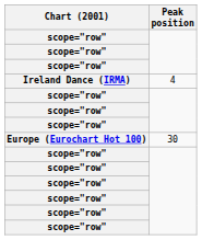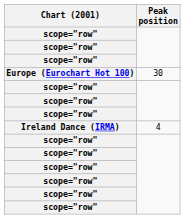 <table class="wikitable sortable plainrowheaders" style="text-align:center">
 <tr>
 <th>Chart (2001)</th>
 <th>Peak<br>position</th>
+</tr>
+<tr>
+<th>scope="row"</th>
+</tr>
+<tr>
+<th>scope="row"</th>
+</tr>
+<tr>
+<th>scope="row"</th>
+</tr>
+<tr>
+<th scope="row">Europe (<a href='#'>Eurochart Hot 100</a>)</th>
+<td>30</td>
 </tr>
 <tr>
 <th>scope="row"</th>
 </tr>
 <tr>
 <th>scope="row"</th>
 </tr>
 <tr>
 <th>scope="row"</th>
 </tr>
 <tr>
 <th scope="row">Ireland Dance (<a href='#'>IRMA</a>)</th>
 <td>4</td>
 </tr>
 <tr>
 <th>scope="row"</th>
 </tr>
 <tr>
 <th>scope="row"</th>
 </tr>
 <tr>
 <th>scope="row"</th>
 </tr>
 <tr>
-<th scope="row">Europe (<a href='#'>Eurochart Hot 100</a>)</th>
-<td>30</td>
-</tr>
-<tr>
-<th>scope="row"</th>
-</tr>
-<tr>
-<th>scope="row"</th>
-</tr>
-<tr>
-<th>scope="row"</th>
-</tr>
-<tr>
 <th>scope="row"</th>
 </tr>
 <tr>
 <th>scope="row"</th>
 </tr>
 <tr>
 <th>scope="row"</th>
 </tr>
 </table>
